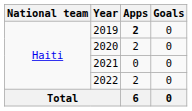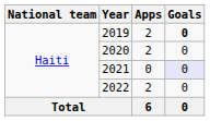 <table class="wikitable" style="text-align:center">
 <tr>
 <th>National team</th>
 <th>Year</th>
 <th>Apps</th>
 <th>Goals</th>
 </tr>
 <tr>
 <td rowspan=4><a href='#'>Haiti</a></td>
 <td>2019</td>
-<td><strong>2</strong></td>
-<td>0</td>
+<td>2</td>
+<td><strong>0</strong></td>
 </tr>
 <tr>
 <td>2020</td>
 <td>2</td>
 <td>0</td>
 </tr>
 <tr>
 <td>2021</td>
 <td>0</td>
-<td>0</td>
+<td style="background: lavender;">0</td>
 </tr>
 <tr>
 <td>2022</td>
 <td>2</td>
 <td>0</td>
 </tr>
 <tr>
 <th colspan=2>Total</th>
 <th>6</th>
 <th>0</th>
 </tr>
 </table>
